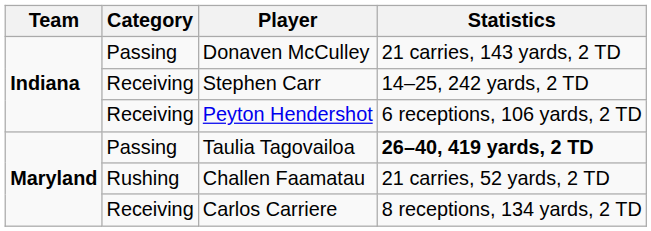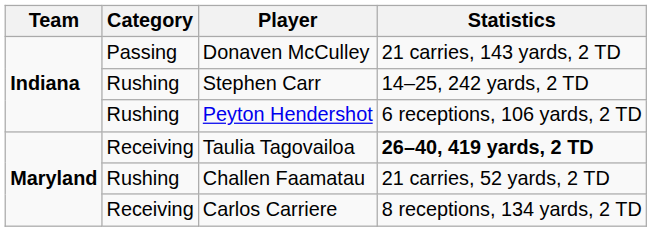 <table class="wikitable" style="float: right;">
 <tr>
 <th>Team</th>
 <th>Category</th>
 <th>Player</th>
 <th>Statistics</th>
 </tr>
 <tr>
 <td rowspan=3><strong>Indiana</strong></td>
 <td>Passing</td>
 <td>Donaven McCulley</td>
 <td>21 carries, 143 yards, 2 TD</td>
 </tr>
 <tr>
-<td>Receiving</td>
+<td>Rushing</td>
 <td>Stephen Carr</td>
 <td>14–25, 242 yards, 2 TD</td>
 </tr>
 <tr>
-<td>Receiving</td>
+<td>Rushing</td>
 <td><a href='#'>Peyton Hendershot</a></td>
 <td>6 receptions, 106 yards, 2 TD</td>
 </tr>
 <tr>
 <td rowspan=3><strong>Maryland</strong></td>
-<td>Passing</td>
+<td>Receiving</td>
 <td>Taulia Tagovailoa</td>
 <td><strong>26–40, 419 yards, 2 TD</strong></td>
 </tr>
 <tr>
 <td>Rushing</td>
 <td>Challen Faamatau</td>
 <td>21 carries, 52 yards, 2 TD</td>
 </tr>
 <tr>
 <td>Receiving</td>
 <td>Carlos Carriere</td>
 <td>8 receptions, 134 yards, 2 TD</td>
 </tr>
 </table>
